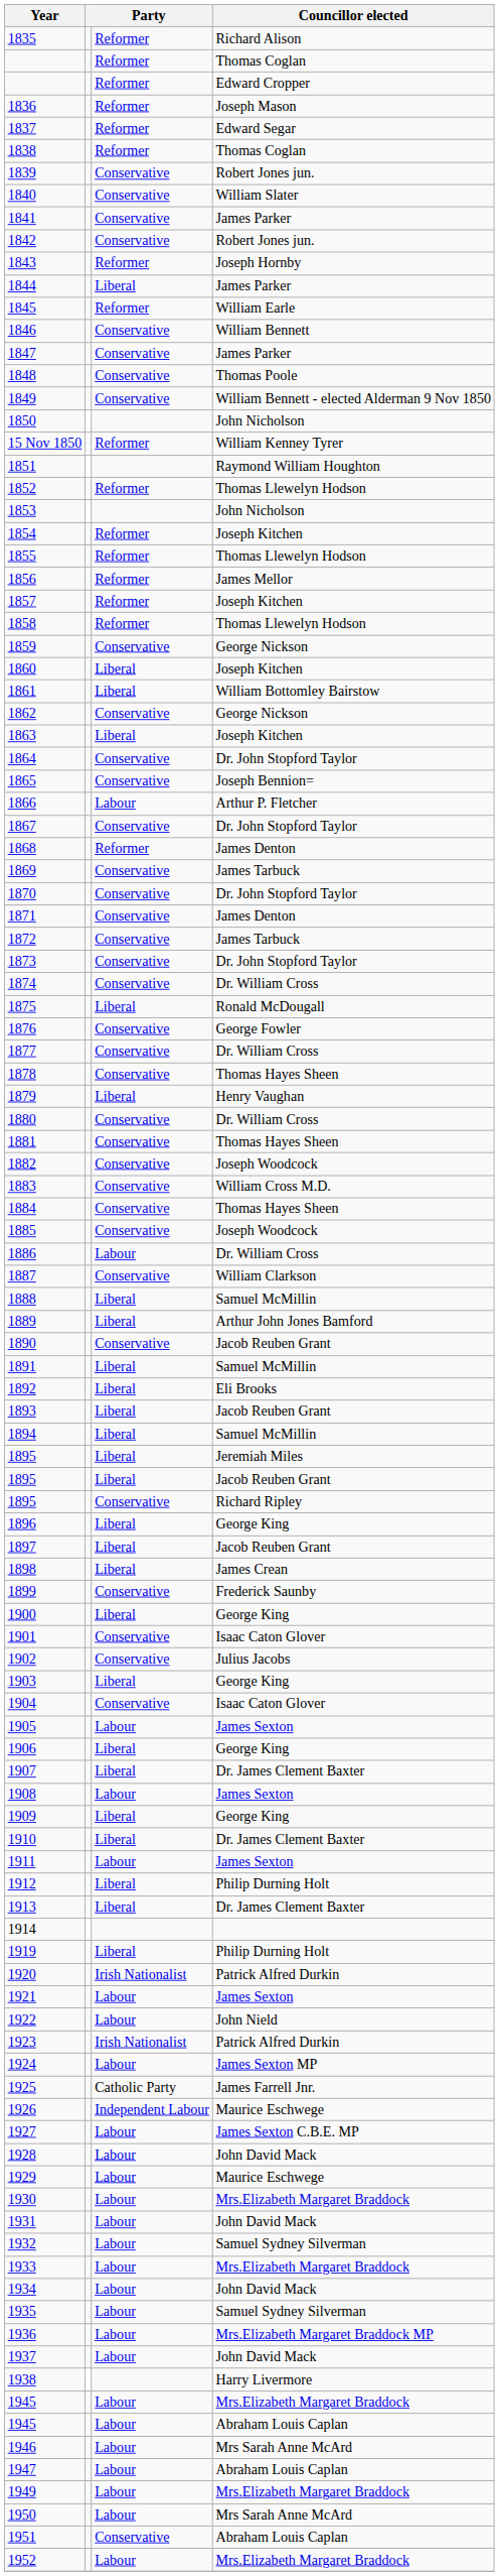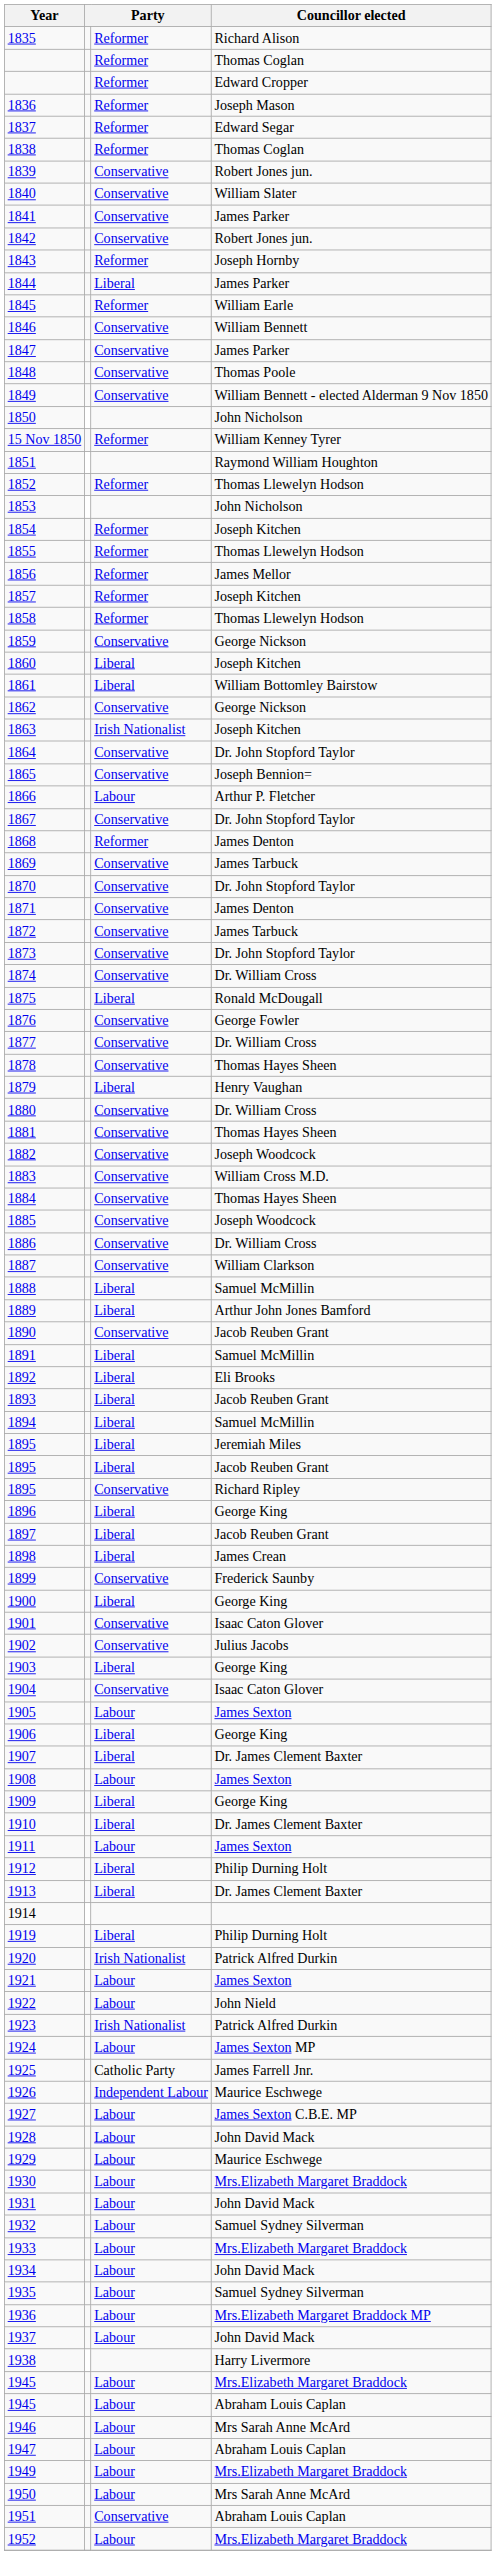 <table class="wikitable">
 <tr>
 <th>Year</th>
 <th colspan="2">Party</th>
 <th>Councillor elected</th>
 </tr>
 <tr>
 <td><a href='#'>1835</a></td>
 <td style="background-color: "></td>
 <td><a href='#'>Reformer</a></td>
 <td>Richard Alison</td>
 </tr>
 <tr>
 <td></td>
 <td style="background-color: "></td>
 <td><a href='#'>Reformer</a></td>
 <td>Thomas Coglan</td>
 </tr>
 <tr>
 <td></td>
 <td style="background-color: "></td>
 <td><a href='#'>Reformer</a></td>
 <td>Edward Cropper</td>
 </tr>
 <tr>
 <td><a href='#'>1836</a></td>
 <td style="background-color: "></td>
 <td><a href='#'>Reformer</a></td>
 <td>Joseph Mason</td>
 </tr>
 <tr>
 <td><a href='#'>1837</a></td>
 <td style="background-color: "></td>
 <td><a href='#'>Reformer</a></td>
 <td>Edward Segar</td>
 </tr>
 <tr>
 <td><a href='#'>1838</a></td>
 <td style="background-color: "></td>
 <td><a href='#'>Reformer</a></td>
 <td>Thomas Coglan</td>
 </tr>
 <tr>
 <td><a href='#'>1839</a></td>
 <td style="background-color: "></td>
 <td><a href='#'>Conservative</a></td>
 <td>Robert Jones jun.</td>
 </tr>
 <tr>
 <td><a href='#'>1840</a></td>
 <td style="background-color: "></td>
 <td><a href='#'>Conservative</a></td>
 <td>William Slater</td>
 </tr>
 <tr>
 <td><a href='#'>1841</a></td>
 <td style="background-color: "></td>
 <td><a href='#'>Conservative</a></td>
 <td>James Parker</td>
 </tr>
 <tr>
 <td><a href='#'>1842</a></td>
 <td style="background-color: "></td>
 <td><a href='#'>Conservative</a></td>
 <td>Robert Jones jun.</td>
 </tr>
 <tr>
 <td><a href='#'>1843</a></td>
 <td style="background-color: "></td>
 <td><a href='#'>Reformer</a></td>
 <td>Joseph Hornby</td>
 </tr>
 <tr>
 <td><a href='#'>1844</a></td>
 <td style="background-color: "></td>
 <td><a href='#'>Liberal</a></td>
 <td>James Parker</td>
 </tr>
 <tr>
 <td><a href='#'>1845</a></td>
 <td style="background-color: "></td>
 <td><a href='#'>Reformer</a></td>
 <td>William Earle</td>
 </tr>
 <tr>
 <td><a href='#'>1846</a></td>
 <td style="background-color: "></td>
 <td><a href='#'>Conservative</a></td>
 <td>William Bennett</td>
 </tr>
 <tr>
 <td><a href='#'>1847</a></td>
 <td style="background-color: "></td>
 <td><a href='#'>Conservative</a></td>
 <td>James Parker</td>
 </tr>
 <tr>
 <td><a href='#'>1848</a></td>
 <td style="background-color: "></td>
 <td><a href='#'>Conservative</a></td>
 <td>Thomas Poole</td>
 </tr>
 <tr>
 <td><a href='#'>1849</a></td>
 <td style="background-color: "></td>
 <td><a href='#'>Conservative</a></td>
 <td>William Bennett - elected Alderman 9 Nov 1850</td>
 </tr>
 <tr>
 <td><a href='#'>1850</a></td>
 <td style="background-color: white"></td>
 <td></td>
 <td>John Nicholson</td>
 </tr>
 <tr>
 <td><a href='#'>15 Nov 1850</a></td>
 <td style="background-color: "></td>
 <td><a href='#'>Reformer</a></td>
 <td>William Kenney Tyrer</td>
 </tr>
 <tr>
 <td><a href='#'>1851</a></td>
 <td style="background-color: white"></td>
 <td></td>
 <td>Raymond William Houghton</td>
 </tr>
 <tr>
 <td><a href='#'>1852</a></td>
 <td style="background-color: "></td>
 <td><a href='#'>Reformer</a></td>
 <td>Thomas Llewelyn Hodson</td>
 </tr>
 <tr>
 <td><a href='#'>1853</a></td>
 <td style="background-color: white"></td>
 <td></td>
 <td>John Nicholson</td>
 </tr>
 <tr>
 <td><a href='#'>1854</a></td>
 <td style="background-color: "></td>
 <td><a href='#'>Reformer</a></td>
 <td>Joseph Kitchen</td>
 </tr>
 <tr>
 <td><a href='#'>1855</a></td>
 <td style="background-color: "></td>
 <td><a href='#'>Reformer</a></td>
 <td>Thomas Llewelyn Hodson</td>
 </tr>
 <tr>
 <td><a href='#'>1856</a></td>
 <td style="background-color: "></td>
 <td><a href='#'>Reformer</a></td>
 <td>James Mellor</td>
 </tr>
 <tr>
 <td><a href='#'>1857</a></td>
 <td style="background-color: "></td>
 <td><a href='#'>Reformer</a></td>
 <td>Joseph Kitchen</td>
 </tr>
 <tr>
 <td><a href='#'>1858</a></td>
 <td style="background-color: "></td>
 <td><a href='#'>Reformer</a></td>
 <td>Thomas Llewelyn Hodson</td>
 </tr>
 <tr>
 <td><a href='#'>1859</a></td>
 <td style="background-color: "></td>
 <td><a href='#'>Conservative</a></td>
 <td>George Nickson</td>
 </tr>
 <tr>
 <td><a href='#'>1860</a></td>
 <td style="background-color: "></td>
 <td><a href='#'>Liberal</a></td>
 <td>Joseph Kitchen</td>
 </tr>
 <tr>
 <td><a href='#'>1861</a></td>
 <td style="background-color: "></td>
 <td><a href='#'>Liberal</a></td>
 <td>William Bottomley Bairstow</td>
 </tr>
 <tr>
 <td><a href='#'>1862</a></td>
 <td style="background-color: "></td>
 <td><a href='#'>Conservative</a></td>
 <td>George Nickson</td>
 </tr>
 <tr>
 <td><a href='#'>1863</a></td>
 <td style="background-color: "></td>
-<td><a href='#'>Liberal</a></td>
+<td><a href='#'>Irish Nationalist</a></td>
 <td>Joseph Kitchen</td>
 </tr>
 <tr>
 <td><a href='#'>1864</a></td>
 <td style="background-color: "></td>
 <td><a href='#'>Conservative</a></td>
 <td>Dr. John Stopford Taylor</td>
 </tr>
 <tr>
 <td><a href='#'>1865</a></td>
 <td style="background-color: "></td>
 <td><a href='#'>Conservative</a></td>
 <td>Joseph Bennion=</td>
 </tr>
 <tr>
 <td><a href='#'>1866</a></td>
 <td style="background-color: "></td>
 <td><a href='#'>Labour</a></td>
 <td>Arthur P. Fletcher</td>
 </tr>
 <tr>
 <td><a href='#'>1867</a></td>
 <td style="background-color: "></td>
 <td><a href='#'>Conservative</a></td>
 <td>Dr. John Stopford Taylor</td>
 </tr>
 <tr>
 <td><a href='#'>1868</a></td>
 <td style="background-color: "></td>
 <td><a href='#'>Reformer</a></td>
 <td>James Denton</td>
 </tr>
 <tr>
 <td><a href='#'>1869</a></td>
 <td style="background-color: "></td>
 <td><a href='#'>Conservative</a></td>
 <td>James Tarbuck</td>
 </tr>
 <tr>
 <td><a href='#'>1870</a></td>
 <td style="background-color: "></td>
 <td><a href='#'>Conservative</a></td>
 <td>Dr. John Stopford Taylor</td>
 </tr>
 <tr>
 <td><a href='#'>1871</a></td>
 <td style="background-color: "></td>
 <td><a href='#'>Conservative</a></td>
 <td>James Denton</td>
 </tr>
 <tr>
 <td><a href='#'>1872</a></td>
 <td style="background-color: "></td>
 <td><a href='#'>Conservative</a></td>
 <td>James Tarbuck</td>
 </tr>
 <tr>
 <td><a href='#'>1873</a></td>
 <td style="background-color: "></td>
 <td><a href='#'>Conservative</a></td>
 <td>Dr. John Stopford Taylor</td>
 </tr>
 <tr>
 <td><a href='#'>1874</a></td>
 <td style="background-color: "></td>
 <td><a href='#'>Conservative</a></td>
 <td>Dr. William Cross</td>
 </tr>
 <tr>
 <td><a href='#'>1875</a></td>
 <td style="background-color: "></td>
 <td><a href='#'>Liberal</a></td>
 <td>Ronald McDougall</td>
 </tr>
 <tr>
 <td><a href='#'>1876</a></td>
 <td style="background-color: "></td>
 <td><a href='#'>Conservative</a></td>
 <td>George Fowler</td>
 </tr>
 <tr>
 <td><a href='#'>1877</a></td>
 <td style="background-color: "></td>
 <td><a href='#'>Conservative</a></td>
 <td>Dr. William Cross</td>
 </tr>
 <tr>
 <td><a href='#'>1878</a></td>
 <td style="background-color: "></td>
 <td><a href='#'>Conservative</a></td>
 <td>Thomas Hayes Sheen</td>
 </tr>
 <tr>
 <td><a href='#'>1879</a></td>
 <td style="background-color: "></td>
 <td><a href='#'>Liberal</a></td>
 <td>Henry Vaughan</td>
 </tr>
 <tr>
 <td><a href='#'>1880</a></td>
 <td style="background-color: "></td>
 <td><a href='#'>Conservative</a></td>
 <td>Dr. William Cross</td>
 </tr>
 <tr>
 <td><a href='#'>1881</a></td>
 <td style="background-color: "></td>
 <td><a href='#'>Conservative</a></td>
 <td>Thomas Hayes Sheen</td>
 </tr>
 <tr>
 <td><a href='#'>1882</a></td>
 <td style="background-color: "></td>
 <td><a href='#'>Conservative</a></td>
 <td>Joseph Woodcock</td>
 </tr>
 <tr>
 <td><a href='#'>1883</a></td>
 <td style="background-color: "></td>
 <td><a href='#'>Conservative</a></td>
 <td>William Cross M.D.</td>
 </tr>
 <tr>
 <td><a href='#'>1884</a></td>
 <td style="background-color: "></td>
 <td><a href='#'>Conservative</a></td>
 <td>Thomas Hayes Sheen</td>
 </tr>
 <tr>
 <td><a href='#'>1885</a></td>
 <td style="background-color: "></td>
 <td><a href='#'>Conservative</a></td>
 <td>Joseph Woodcock</td>
 </tr>
 <tr>
 <td><a href='#'>1886</a></td>
 <td style="background-color: "></td>
-<td><a href='#'>Labour</a></td>
+<td><a href='#'>Conservative</a></td>
 <td>Dr. William Cross</td>
 </tr>
 <tr>
 <td><a href='#'>1887</a></td>
 <td style="background-color: "></td>
 <td><a href='#'>Conservative</a></td>
 <td>William Clarkson</td>
 </tr>
 <tr>
 <td><a href='#'>1888</a></td>
 <td style="background-color: "></td>
 <td><a href='#'>Liberal</a></td>
 <td>Samuel McMillin</td>
 </tr>
 <tr>
 <td><a href='#'>1889</a></td>
 <td style="background-color: "></td>
 <td><a href='#'>Liberal</a></td>
 <td>Arthur John Jones Bamford</td>
 </tr>
 <tr>
 <td><a href='#'>1890</a></td>
 <td style="background-color: "></td>
 <td><a href='#'>Conservative</a></td>
 <td>Jacob Reuben Grant</td>
 </tr>
 <tr>
 <td><a href='#'>1891</a></td>
 <td style="background-color: "></td>
 <td><a href='#'>Liberal</a></td>
 <td>Samuel McMillin</td>
 </tr>
 <tr>
 <td><a href='#'>1892</a></td>
 <td style="background-color: "></td>
 <td><a href='#'>Liberal</a></td>
 <td>Eli Brooks</td>
 </tr>
 <tr>
 <td><a href='#'>1893</a></td>
 <td style="background-color: "></td>
 <td><a href='#'>Liberal</a></td>
 <td>Jacob Reuben Grant</td>
 </tr>
 <tr>
 <td><a href='#'>1894</a></td>
 <td style="background-color: "></td>
 <td><a href='#'>Liberal</a></td>
 <td>Samuel McMillin</td>
 </tr>
 <tr>
 <td><a href='#'>1895</a></td>
 <td style="background-color: "></td>
 <td><a href='#'>Liberal</a></td>
 <td>Jeremiah Miles</td>
 </tr>
 <tr>
 <td><a href='#'>1895</a></td>
 <td style="background-color: "></td>
 <td><a href='#'>Liberal</a></td>
 <td>Jacob Reuben Grant</td>
 </tr>
 <tr>
 <td><a href='#'>1895</a></td>
 <td style="background-color: "></td>
 <td><a href='#'>Conservative</a></td>
 <td>Richard Ripley</td>
 </tr>
 <tr>
 <td><a href='#'>1896</a></td>
 <td style="background-color: "></td>
 <td><a href='#'>Liberal</a></td>
 <td>George King</td>
 </tr>
 <tr>
 <td><a href='#'>1897</a></td>
 <td style="background-color: "></td>
 <td><a href='#'>Liberal</a></td>
 <td>Jacob Reuben Grant</td>
 </tr>
 <tr>
 <td><a href='#'>1898</a></td>
 <td style="background-color: "></td>
 <td><a href='#'>Liberal</a></td>
 <td>James Crean</td>
 </tr>
 <tr>
 <td><a href='#'>1899</a></td>
 <td style="background-color: "></td>
 <td><a href='#'>Conservative</a></td>
 <td>Frederick Saunby</td>
 </tr>
 <tr>
 <td><a href='#'>1900</a></td>
 <td style="background-color: "></td>
 <td><a href='#'>Liberal</a></td>
 <td>George King</td>
 </tr>
 <tr>
 <td><a href='#'>1901</a></td>
 <td style="background-color: "></td>
 <td><a href='#'>Conservative</a></td>
 <td>Isaac Caton Glover</td>
 </tr>
 <tr>
 <td><a href='#'>1902</a></td>
 <td style="background-color: "></td>
 <td><a href='#'>Conservative</a></td>
 <td>Julius Jacobs</td>
 </tr>
 <tr>
 <td><a href='#'>1903</a></td>
 <td style="background-color: "></td>
 <td><a href='#'>Liberal</a></td>
 <td>George King</td>
 </tr>
 <tr>
 <td><a href='#'>1904</a></td>
 <td style="background-color: "></td>
 <td><a href='#'>Conservative</a></td>
 <td>Isaac Caton Glover</td>
 </tr>
 <tr>
 <td><a href='#'>1905</a></td>
 <td style="background-color: "></td>
 <td><a href='#'>Labour</a></td>
 <td><a href='#'>James Sexton</a></td>
 </tr>
 <tr>
 <td><a href='#'>1906</a></td>
 <td style="background-color: "></td>
 <td><a href='#'>Liberal</a></td>
 <td>George King</td>
 </tr>
 <tr>
 <td><a href='#'>1907</a></td>
 <td style="background-color: "></td>
 <td><a href='#'>Liberal</a></td>
 <td>Dr. James Clement Baxter</td>
 </tr>
 <tr>
 <td><a href='#'>1908</a></td>
 <td style="background-color: "></td>
 <td><a href='#'>Labour</a></td>
 <td><a href='#'>James Sexton</a></td>
 </tr>
 <tr>
 <td><a href='#'>1909</a></td>
 <td style="background-color: "></td>
 <td><a href='#'>Liberal</a></td>
 <td>George King</td>
 </tr>
 <tr>
 <td><a href='#'>1910</a></td>
 <td style="background-color: "></td>
 <td><a href='#'>Liberal</a></td>
 <td>Dr. James Clement Baxter</td>
 </tr>
 <tr>
 <td><a href='#'>1911</a></td>
 <td style="background-color: "></td>
 <td><a href='#'>Labour</a></td>
 <td><a href='#'>James Sexton</a></td>
 </tr>
 <tr>
 <td><a href='#'>1912</a></td>
 <td style="background-color: "></td>
 <td><a href='#'>Liberal</a></td>
 <td>Philip Durning Holt</td>
 </tr>
 <tr>
 <td><a href='#'>1913</a></td>
 <td style="background-color: "></td>
 <td><a href='#'>Liberal</a></td>
 <td>Dr. James Clement Baxter</td>
 </tr>
 <tr>
 <td>1914</td>
 <td style="background-color: white"></td>
 <td></td>
 <td></td>
 </tr>
 <tr>
 <td><a href='#'>1919</a></td>
 <td style="background-color: "></td>
 <td><a href='#'>Liberal</a></td>
 <td>Philip Durning Holt</td>
 </tr>
 <tr>
 <td><a href='#'>1920</a></td>
 <td style="background-color: "></td>
 <td><a href='#'>Irish Nationalist</a></td>
 <td>Patrick Alfred Durkin</td>
 </tr>
 <tr>
 <td><a href='#'>1921</a></td>
 <td style="background-color: "></td>
 <td><a href='#'>Labour</a></td>
 <td><a href='#'>James Sexton</a></td>
 </tr>
 <tr>
 <td><a href='#'>1922</a></td>
 <td style="background-color: "></td>
 <td><a href='#'>Labour</a></td>
 <td>John Nield</td>
 </tr>
 <tr>
 <td><a href='#'>1923</a></td>
 <td style="background-color: "></td>
 <td><a href='#'>Irish Nationalist</a></td>
 <td>Patrick Alfred Durkin</td>
 </tr>
 <tr>
 <td><a href='#'>1924</a></td>
 <td style="background-color: "></td>
 <td><a href='#'>Labour</a></td>
 <td><a href='#'>James Sexton</a> MP</td>
 </tr>
 <tr>
 <td><a href='#'>1925</a></td>
 <td style="background-color: "></td>
 <td>Catholic Party</td>
 <td>James Farrell Jnr.</td>
 </tr>
 <tr>
 <td><a href='#'>1926</a></td>
 <td style="background-color: "></td>
 <td><a href='#'>Independent Labour</a></td>
 <td>Maurice Eschwege</td>
 </tr>
 <tr>
 <td><a href='#'>1927</a></td>
 <td style="background-color: "></td>
 <td><a href='#'>Labour</a></td>
 <td><a href='#'>James Sexton</a> C.B.E. MP</td>
 </tr>
 <tr>
 <td><a href='#'>1928</a></td>
 <td style="background-color: "></td>
 <td><a href='#'>Labour</a></td>
 <td>John David Mack</td>
 </tr>
 <tr>
 <td><a href='#'>1929</a></td>
 <td style="background-color: "></td>
 <td><a href='#'>Labour</a></td>
 <td>Maurice Eschwege</td>
 </tr>
 <tr>
 <td><a href='#'>1930</a></td>
 <td style="background-color: "></td>
 <td><a href='#'>Labour</a></td>
 <td><a href='#'>Mrs.Elizabeth Margaret Braddock</a></td>
 </tr>
 <tr>
 <td><a href='#'>1931</a></td>
 <td style="background-color: "></td>
 <td><a href='#'>Labour</a></td>
 <td>John David Mack</td>
 </tr>
 <tr>
 <td><a href='#'>1932</a></td>
 <td style="background-color: "></td>
 <td><a href='#'>Labour</a></td>
 <td>Samuel Sydney Silverman</td>
 </tr>
 <tr>
 <td><a href='#'>1933</a></td>
 <td style="background-color: "></td>
 <td><a href='#'>Labour</a></td>
 <td><a href='#'>Mrs.Elizabeth Margaret Braddock</a></td>
 </tr>
 <tr>
 <td><a href='#'>1934</a></td>
 <td style="background-color: "></td>
 <td><a href='#'>Labour</a></td>
 <td>John David Mack</td>
 </tr>
 <tr>
 <td><a href='#'>1935</a></td>
 <td style="background-color: "></td>
 <td><a href='#'>Labour</a></td>
 <td>Samuel Sydney Silverman</td>
 </tr>
 <tr>
 <td><a href='#'>1936</a></td>
 <td style="background-color: "></td>
 <td><a href='#'>Labour</a></td>
 <td><a href='#'>Mrs.Elizabeth Margaret Braddock MP</a></td>
 </tr>
 <tr>
 <td><a href='#'>1937</a></td>
 <td style="background-color: "></td>
 <td><a href='#'>Labour</a></td>
 <td>John David Mack</td>
 </tr>
 <tr>
 <td><a href='#'>1938</a></td>
 <td style="background-color: white"></td>
 <td></td>
 <td>Harry Livermore</td>
 </tr>
 <tr>
 <td><a href='#'>1945</a></td>
 <td style="background-color: "></td>
 <td><a href='#'>Labour</a></td>
 <td><a href='#'>Mrs.Elizabeth Margaret Braddock</a></td>
 </tr>
 <tr>
 <td><a href='#'>1945</a></td>
 <td style="background-color: "></td>
 <td><a href='#'>Labour</a></td>
 <td>Abraham Louis Caplan</td>
 </tr>
 <tr>
 <td><a href='#'>1946</a></td>
 <td style="background-color: "></td>
 <td><a href='#'>Labour</a></td>
 <td>Mrs Sarah Anne McArd</td>
 </tr>
 <tr>
 <td><a href='#'>1947</a></td>
 <td style="background-color: "></td>
 <td><a href='#'>Labour</a></td>
 <td>Abraham Louis Caplan</td>
 </tr>
 <tr>
 <td><a href='#'>1949</a></td>
 <td style="background-color: "></td>
 <td><a href='#'>Labour</a></td>
 <td><a href='#'>Mrs.Elizabeth Margaret Braddock</a></td>
 </tr>
 <tr>
 <td><a href='#'>1950</a></td>
 <td style="background-color: "></td>
 <td><a href='#'>Labour</a></td>
 <td>Mrs Sarah Anne McArd</td>
 </tr>
 <tr>
 <td><a href='#'>1951</a></td>
 <td style="background-color: "></td>
 <td><a href='#'>Conservative</a></td>
 <td>Abraham Louis Caplan</td>
 </tr>
 <tr>
 <td><a href='#'>1952</a></td>
 <td style="background-color: "></td>
 <td><a href='#'>Labour</a></td>
 <td><a href='#'>Mrs.Elizabeth Margaret Braddock</a></td>
 </tr>
 <tr>
 </tr>
 </table>
